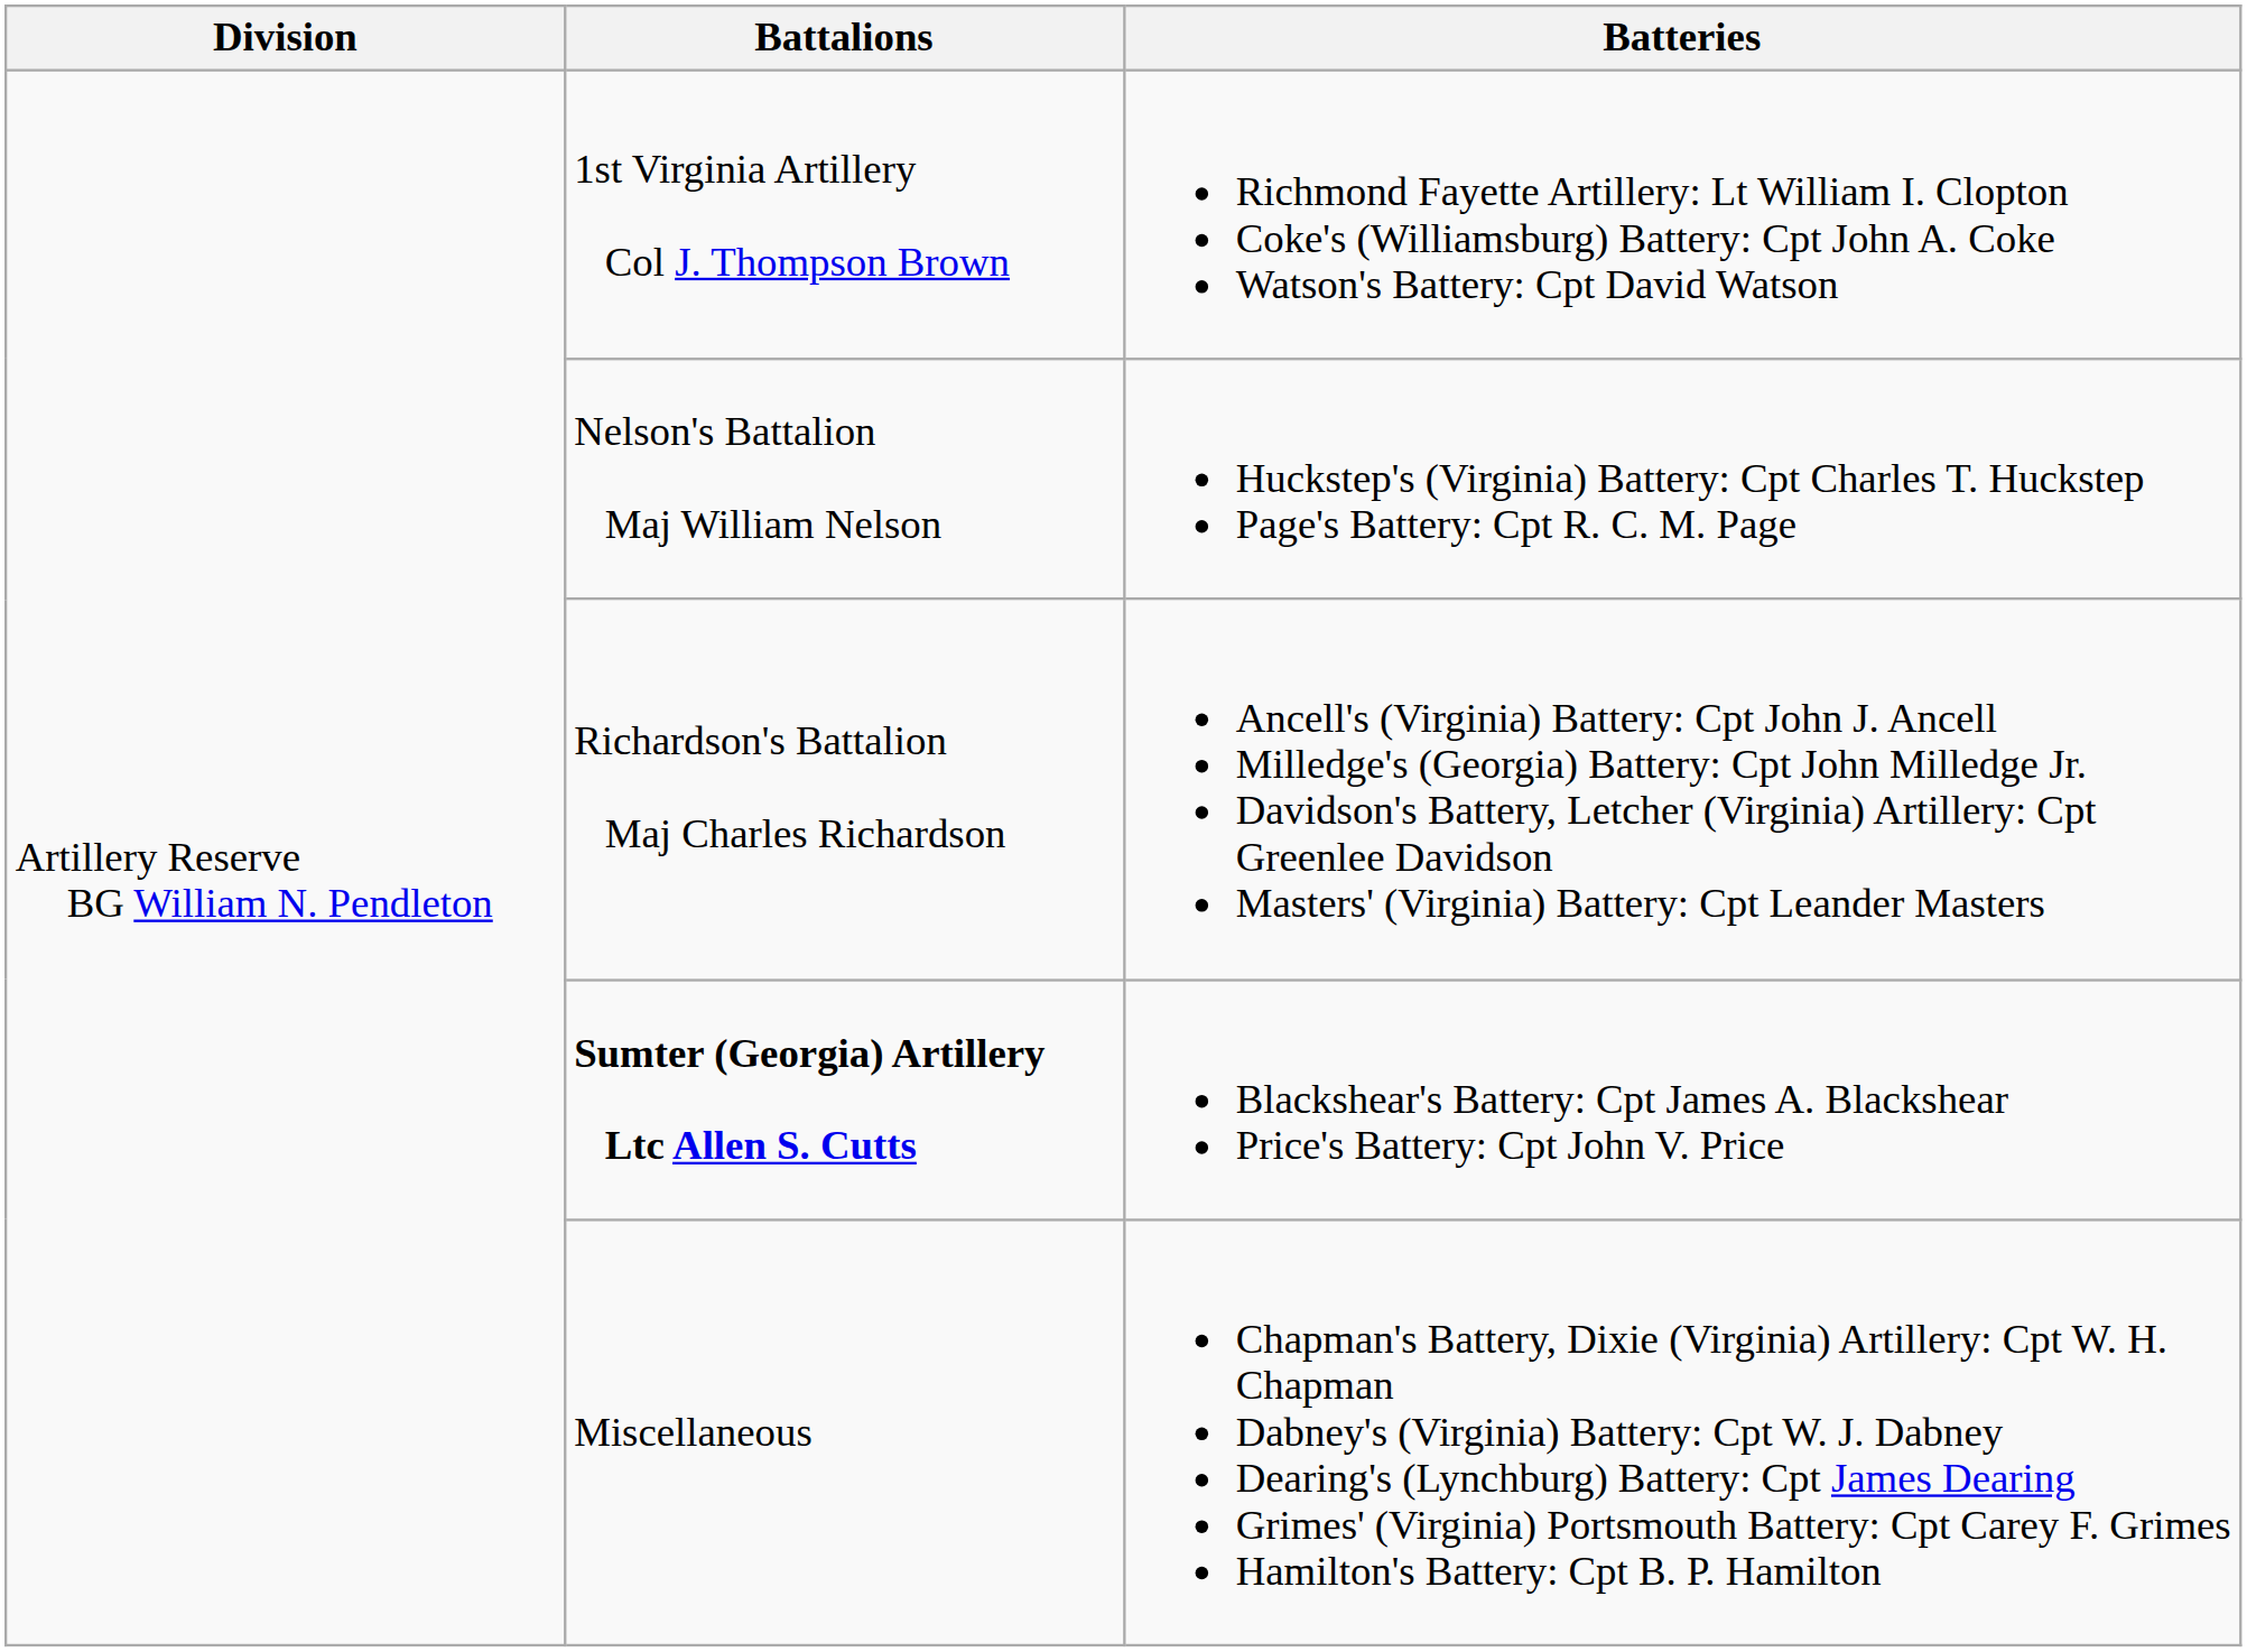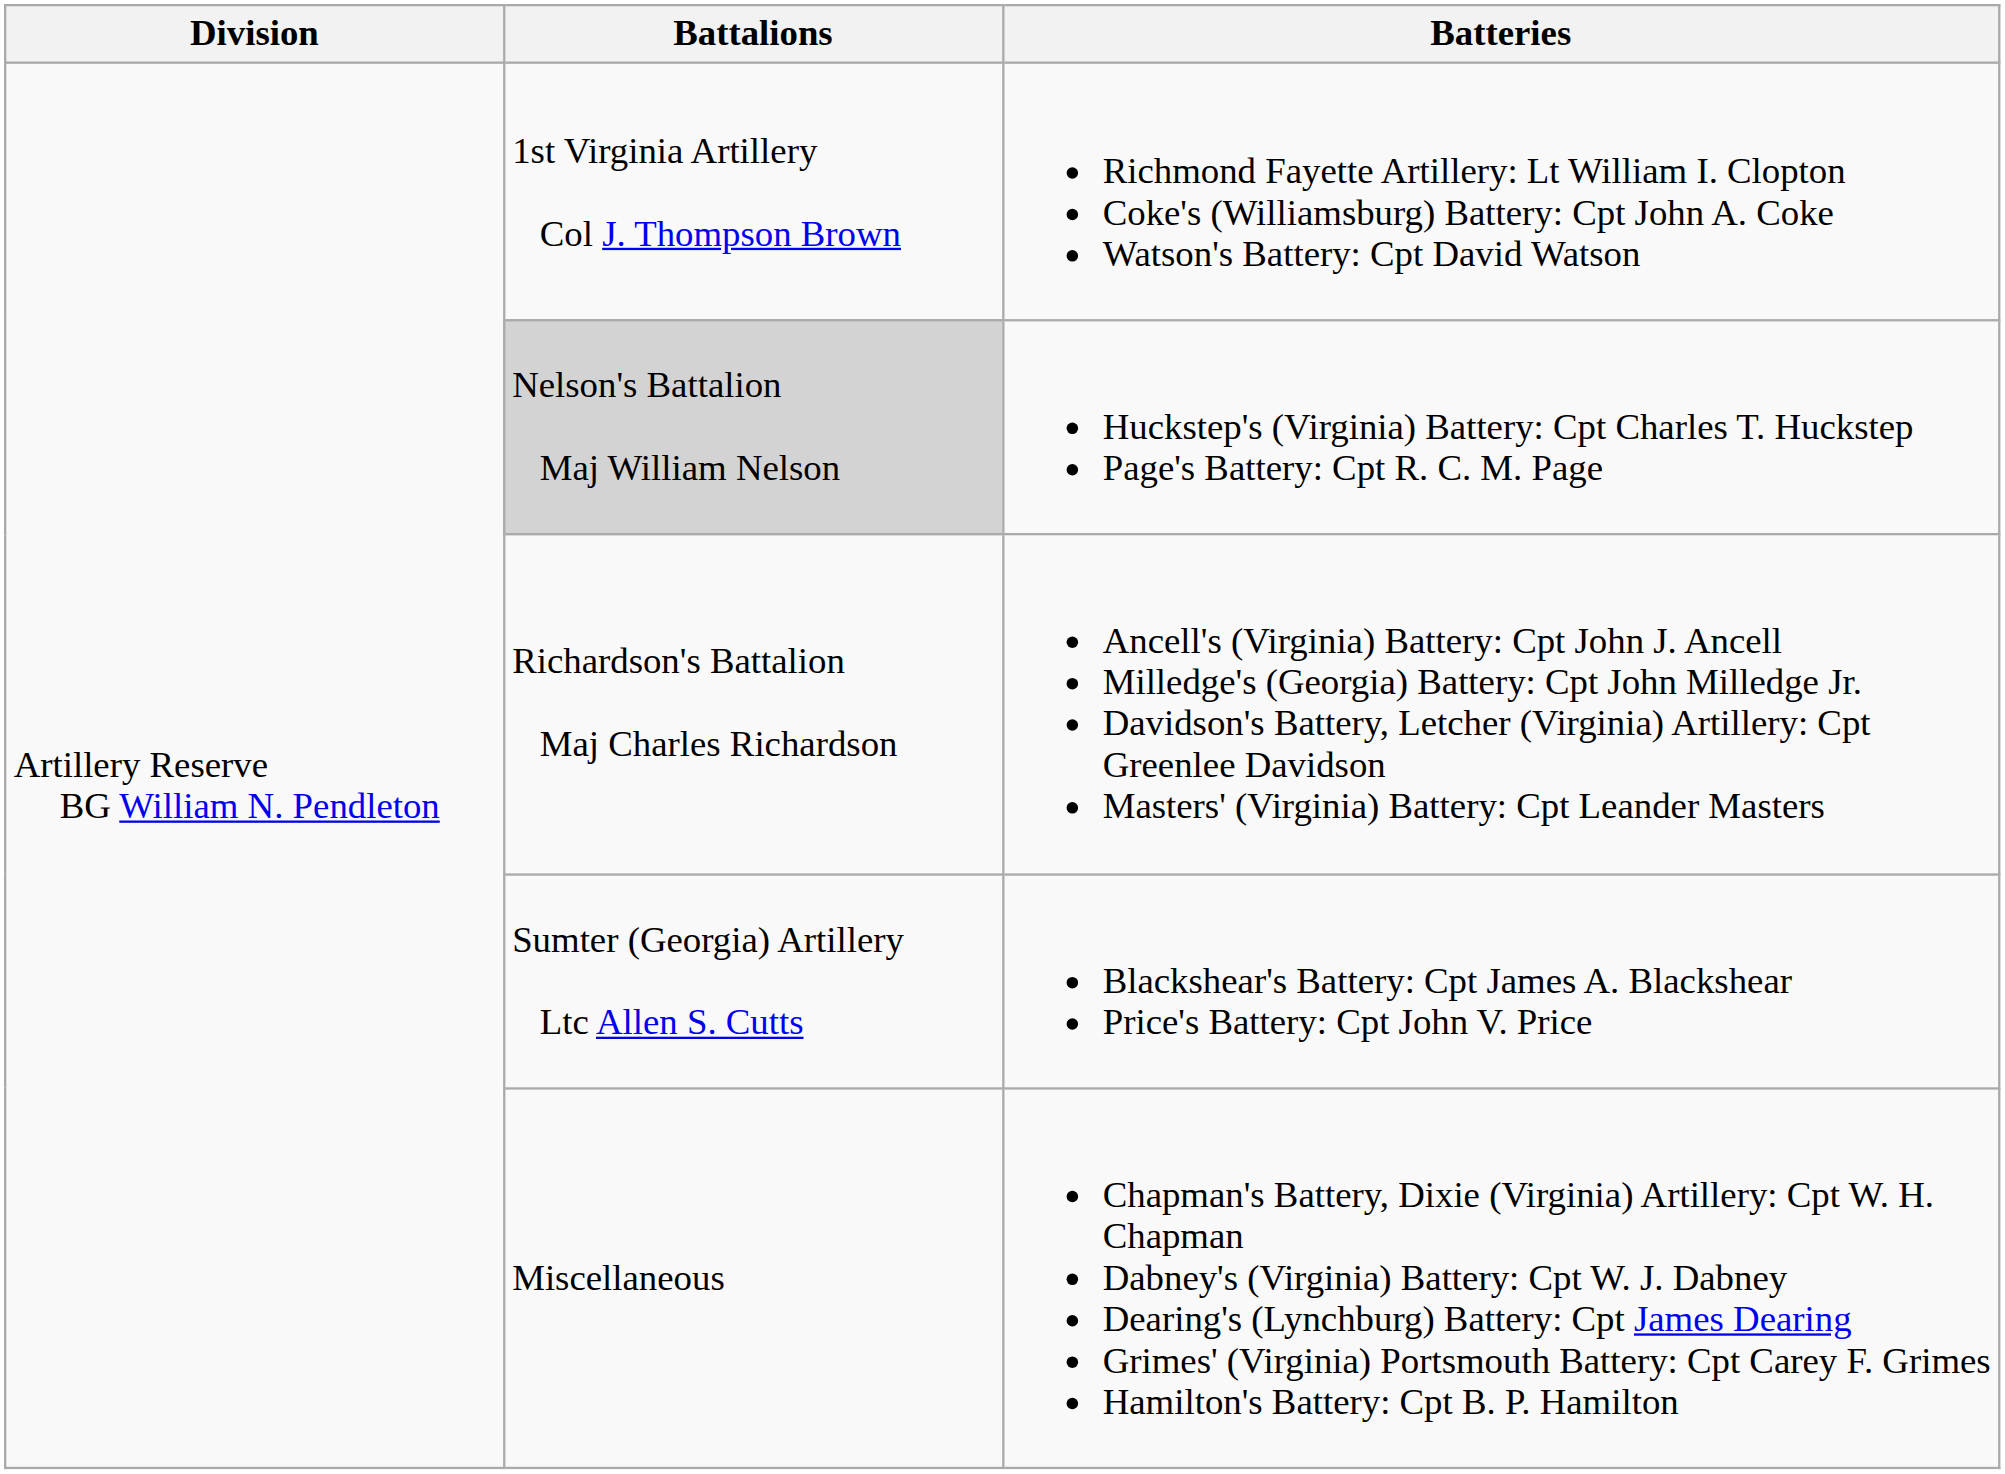 <table class="wikitable">
 <tr>
 <th width=25%>Division</th>
 <th width=25%>Battalions</th>
 <th>Batteries</th>
 </tr>
 <tr>
 <td rowspan=5><br>Artillery Reserve <br>     BG <a href='#'>William N. Pendleton</a></td>
 <td>1st Virginia Artillery<br><br>   Col <a href='#'>J. Thompson Brown</a></td>
 <td><br><ul><li>Richmond Fayette Artillery: Lt William I. Clopton</li><li>Coke's (Williamsburg) Battery: Cpt John A. Coke</li><li>Watson's Battery: Cpt David Watson</li></ul></td>
 </tr>
 <tr>
-<td>Nelson's Battalion<br><br>   Maj William Nelson</td>
+<td style="background: lightgrey;">Nelson's Battalion<br><br>   Maj William Nelson</td>
 <td><br><ul><li>Huckstep's (Virginia) Battery: Cpt Charles T. Huckstep</li><li>Page's Battery: Cpt R. C. M. Page</li></ul></td>
 </tr>
 <tr>
 <td>Richardson's Battalion<br><br>   Maj Charles Richardson</td>
 <td><br><ul><li>Ancell's (Virginia) Battery: Cpt John J. Ancell</li><li>Milledge's (Georgia) Battery: Cpt John Milledge Jr.</li><li>Davidson's Battery, Letcher (Virginia) Artillery: Cpt Greenlee Davidson</li><li>Masters' (Virginia) Battery: Cpt Leander Masters</li></ul></td>
 </tr>
 <tr>
-<td><strong>Sumter (Georgia) Artillery<br><br>   Ltc <a href='#'>Allen S. Cutts</a></strong></td>
+<td>Sumter (Georgia) Artillery<br><br>   Ltc <a href='#'>Allen S. Cutts</a></td>
 <td><br><ul><li>Blackshear's Battery: Cpt James A. Blackshear</li><li>Price's Battery: Cpt John V. Price</li></ul></td>
 </tr>
 <tr>
 <td>Miscellaneous</td>
 <td><br><ul><li>Chapman's Battery, Dixie (Virginia) Artillery: Cpt W. H. Chapman</li><li>Dabney's (Virginia) Battery: Cpt W. J. Dabney</li><li>Dearing's (Lynchburg) Battery: Cpt <a href='#'>James Dearing</a></li><li>Grimes' (Virginia) Portsmouth Battery: Cpt Carey F. Grimes</li><li>Hamilton's Battery: Cpt B. P. Hamilton</li></ul></td>
 </tr>
 </table>
